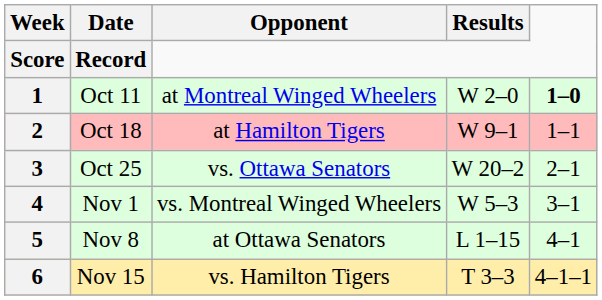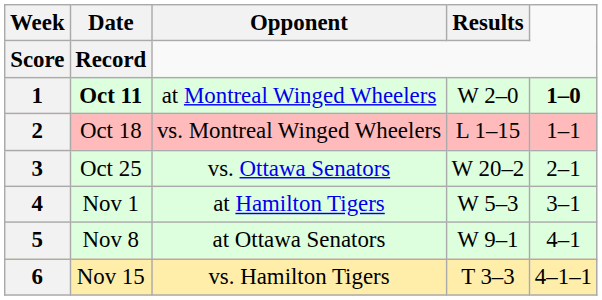 <table class="wikitable" style="text-align:center">
 <tr>
 <th>Week</th>
 <th>Date</th>
 <th>Opponent</th>
 <th>Results</th>
 </tr>
 <tr>
 <th>Score</th>
 <th>Record</th>
 </tr>
 <tr style="background:#ddffdd">
 <th>1</th>
-<td>Oct 11</td>
+<td><strong>Oct 11</strong></td>
 <td>at <a href='#'>Montreal Winged Wheelers</a></td>
 <td>W 2–0</td>
 <td><strong>1–0</strong></td>
 </tr>
 <tr style="background:#ffbbbb">
 <th>2</th>
 <td>Oct 18</td>
-<td>at <a href='#'>Hamilton Tigers</a></td>
-<td>W 9–1</td>
+<td>vs. Montreal Winged Wheelers</td>
+<td>L 1–15</td>
 <td>1–1</td>
 </tr>
 <tr style="background:#ddffdd">
 <th>3</th>
 <td>Oct 25</td>
 <td>vs. <a href='#'>Ottawa Senators</a></td>
 <td>W 20–2</td>
 <td>2–1</td>
 </tr>
 <tr style="background:#ddffdd">
 <th>4</th>
 <td>Nov 1</td>
-<td>vs. Montreal Winged Wheelers</td>
+<td>at <a href='#'>Hamilton Tigers</a></td>
 <td>W 5–3</td>
 <td>3–1</td>
 </tr>
 <tr style="background:#ddffdd">
 <th>5</th>
 <td>Nov 8</td>
 <td>at Ottawa Senators</td>
-<td>L 1–15</td>
+<td>W 9–1</td>
 <td>4–1</td>
 </tr>
 <tr style="background:#ffeeaa">
 <th>6</th>
 <td>Nov 15</td>
 <td>vs. Hamilton Tigers</td>
 <td>T 3–3</td>
 <td>4–1–1</td>
 </tr>
 </table>
